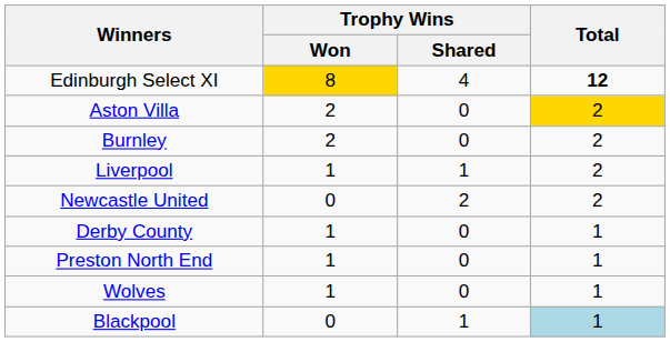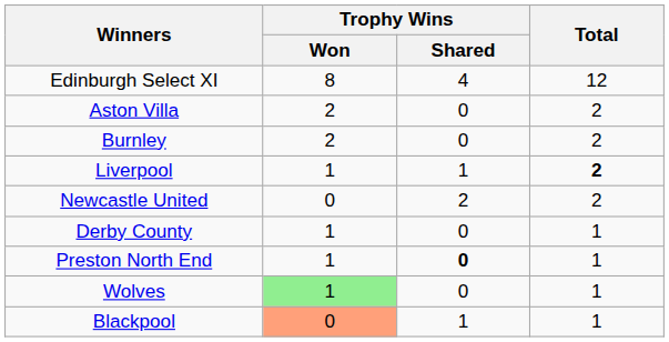 <table class="wikitable sortable" style="text-align: center;">
 <tr>
 <th rowspan = "2" width="210">Winners</th>
 <th colspan = "2" width="210">Trophy Wins</th>
 <th rowspan = "2" width="105">Total</th>
 </tr>
 <tr>
 <th width="105">Won</th>
 <th width="105">Shared</th>
 </tr>
 <tr>
 <td>Edinburgh Select XI</td>
-<td style="background: gold;">8</td>
+<td>8</td>
 <td>4</td>
-<td><strong>12</strong></td>
+<td>12</td>
 </tr>
 <tr>
 <td><a href='#'>Aston Villa</a></td>
 <td>2</td>
 <td>0</td>
-<td style="background: gold;">2</td>
+<td>2</td>
 </tr>
 <tr>
 <td><a href='#'>Burnley</a></td>
 <td>2</td>
 <td>0</td>
 <td>2</td>
 </tr>
 <tr>
 <td><a href='#'>Liverpool</a></td>
 <td>1</td>
 <td>1</td>
-<td>2</td>
+<td><strong>2</strong></td>
 </tr>
 <tr>
 <td><a href='#'>Newcastle United</a></td>
 <td>0</td>
 <td>2</td>
 <td>2</td>
 </tr>
 <tr>
 <td><a href='#'>Derby County</a></td>
 <td>1</td>
 <td>0</td>
 <td>1</td>
 </tr>
 <tr>
 <td><a href='#'>Preston North End</a></td>
 <td>1</td>
-<td>0</td>
+<td><strong>0</strong></td>
 <td>1</td>
 </tr>
 <tr>
 <td><a href='#'>Wolves</a></td>
-<td>1</td>
+<td style="background: lightgreen;">1</td>
 <td>0</td>
 <td>1</td>
 </tr>
 <tr>
 <td><a href='#'>Blackpool</a></td>
-<td>0</td>
+<td style="background: lightsalmon;">0</td>
 <td>1</td>
-<td style="background: lightblue;">1</td>
+<td>1</td>
 </tr>
 </table>
